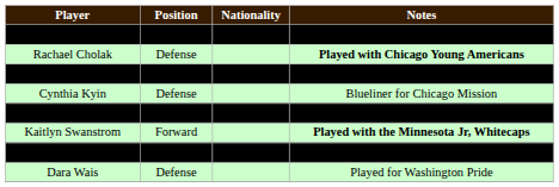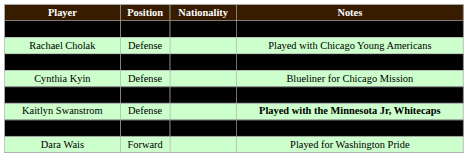 <table class="wikitable" width="80%">
 <tr align="center" style=" background:#381C00; color:white;">
 <td><strong>Player</strong></td>
 <td><strong>Position</strong></td>
 <td><strong>Nationality</strong></td>
 <td><strong>Notes</strong><br></td>
 </tr>
 <tr align="center" bgcolor=" ">
 <td>Caroline Buckholtz</td>
 <td>Defense</td>
 <td></td>
 <td>Played with the Elite Black (Minn.)</td>
 </tr>
 <tr align="center" bgcolor="#ccffcc">
 <td>Rachael Cholak</td>
 <td>Defense</td>
 <td></td>
-<td><strong>Played with Chicago Young Americans</strong></td>
+<td>Played with Chicago Young Americans</td>
 </tr>
 <tr align="center" bgcolor=" ">
 <td>Sam Donovan</td>
 <td>Forward</td>
 <td></td>
 <td>Attended Choate-Rosemary Hall</td>
 </tr>
 <tr align="center" bgcolor="#ccffcc">
 <td>Cynthia Kyin</td>
 <td>Defense</td>
 <td></td>
 <td>Blueliner for Chicago Mission</td>
 </tr>
 <tr align="center" bgcolor=" ">
 <td>Julianne Landry</td>
-<td>Goaltender</td>
+<td>Forward</td>
 <td></td>
 <td>Goalie for Assabet Valley</td>
 </tr>
 <tr align="center" bgcolor="#ccffcc">
 <td>Kaitlyn Swanstrom</td>
-<td>Forward</td>
+<td>Defense</td>
 <td></td>
 <td><strong>Played with the Minnesota Jr, Whitecaps</strong></td>
 </tr>
 <tr align="center" bgcolor=" ">
 <td>Samantha Swanstrom</td>
 <td>Forward</td>
 <td></td>
 <td>Attended Blaine (MN) HS</td>
 </tr>
 <tr align="center" bgcolor="#ccffcc">
 <td>Dara Wais</td>
-<td>Defense</td>
+<td>Forward</td>
 <td></td>
 <td>Played for Washington Pride</td>
 </tr>
 <tr align="center" bgcolor=" ">
 </tr>
 </table>
